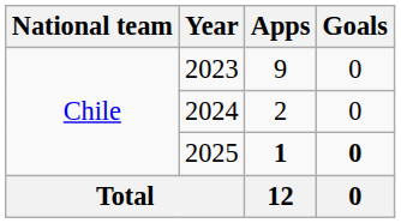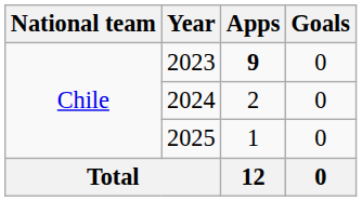 <table class=wikitable style=text-align:center>
 <tr>
 <th>National team</th>
 <th>Year</th>
 <th>Apps</th>
 <th>Goals</th>
 </tr>
 <tr>
 <td rowspan="3"><a href='#'>Chile</a></td>
 <td>2023</td>
-<td>9</td>
+<td><strong>9</strong></td>
 <td>0</td>
 </tr>
 <tr>
 <td>2024</td>
 <td>2</td>
 <td>0</td>
 </tr>
 <tr>
 <td>2025</td>
-<td><strong>1</strong></td>
-<td><strong>0</strong></td>
+<td>1</td>
+<td>0</td>
 </tr>
 <tr>
 <th colspan="2">Total</th>
 <th>12</th>
 <th>0</th>
 </tr>
 </table>
